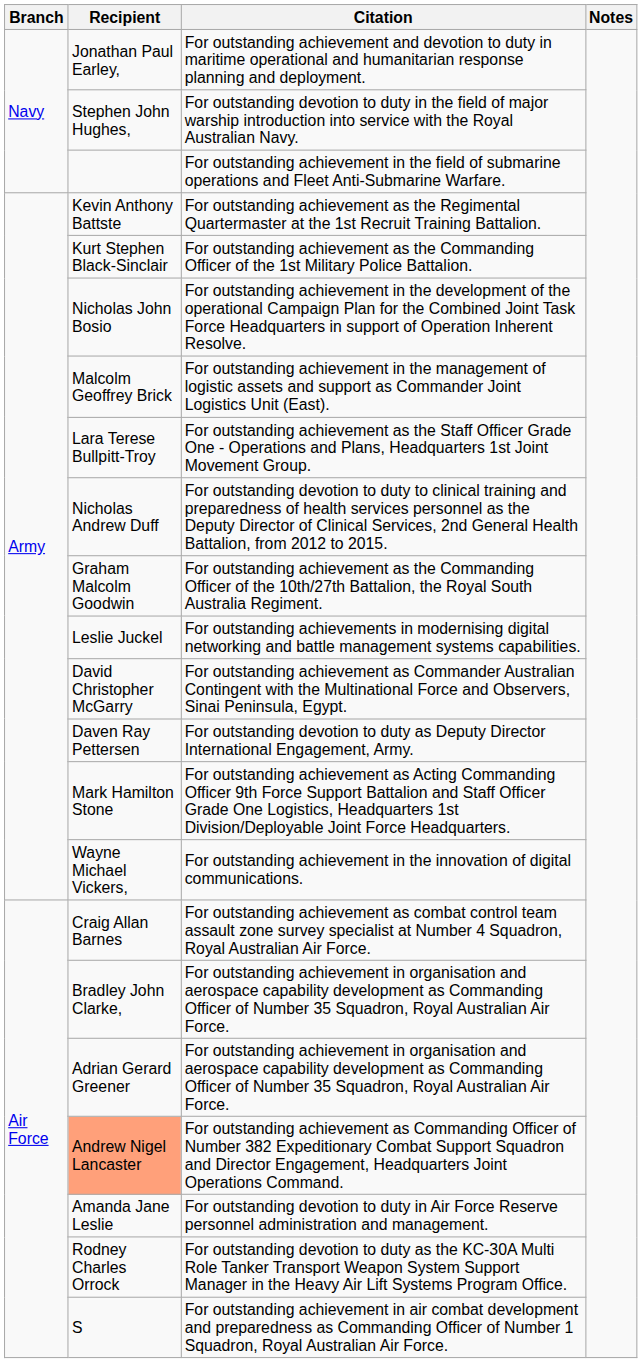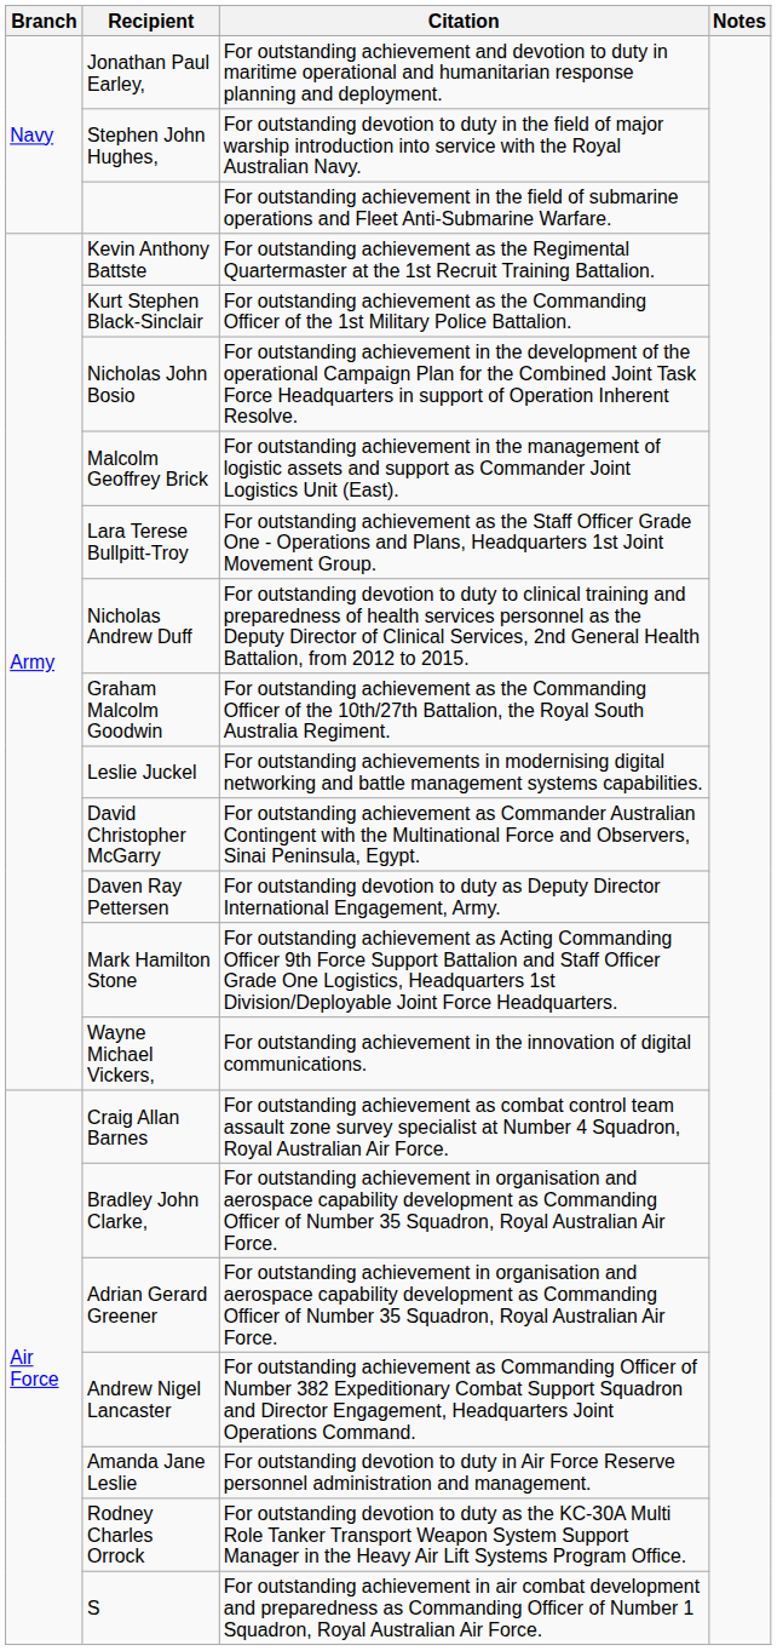 <table class="wikitable" style="font-size:95%;">
 <tr>
 <th>Branch</th>
 <th>Recipient</th>
 <th>Citation</th>
 <th>Notes</th>
 </tr>
 <tr>
 <td rowspan=3><a href='#'>Navy</a></td>
 <td> Jonathan Paul Earley, </td>
 <td>For outstanding achievement and devotion to duty in maritime operational and humanitarian response planning and deployment.</td>
 <td rowspan=22></td>
 </tr>
 <tr>
 <td> Stephen John Hughes, </td>
 <td>For outstanding devotion to duty in the field of major warship introduction into service with the Royal Australian Navy.</td>
 </tr>
 <tr>
 <td></td>
 <td>For outstanding achievement in the field of submarine operations and Fleet Anti-Submarine Warfare.</td>
 </tr>
 <tr>
 <td rowspan=12><a href='#'>Army</a></td>
 <td> Kevin Anthony Battste</td>
 <td>For outstanding achievement as the Regimental Quartermaster at the 1st Recruit Training Battalion.</td>
 </tr>
 <tr>
 <td> Kurt Stephen Black-Sinclair</td>
 <td>For outstanding achievement as the Commanding Officer of the 1st Military Police Battalion.</td>
 </tr>
 <tr>
 <td> Nicholas John Bosio</td>
 <td>For outstanding achievement in the development of the operational Campaign Plan for the Combined Joint Task Force Headquarters in support of Operation Inherent Resolve.</td>
 </tr>
 <tr>
 <td>  Malcolm Geoffrey Brick</td>
 <td>For outstanding achievement in the management of logistic assets and support as Commander Joint Logistics Unit (East).</td>
 </tr>
 <tr>
 <td> Lara Terese Bullpitt-Troy</td>
 <td>For outstanding achievement as the Staff Officer Grade One - Operations and Plans, Headquarters 1st Joint Movement Group.</td>
 </tr>
 <tr>
 <td> Nicholas Andrew Duff</td>
 <td>For outstanding devotion to duty to clinical training and preparedness of health services personnel as the Deputy Director of Clinical Services, 2nd General Health Battalion, from 2012 to 2015.</td>
 </tr>
 <tr>
 <td> Graham Malcolm Goodwin</td>
 <td>For outstanding achievement as the Commanding Officer of the 10th/27th Battalion, the Royal South Australia Regiment.</td>
 </tr>
 <tr>
 <td> Leslie Juckel</td>
 <td>For outstanding achievements in modernising digital networking and battle management systems capabilities.</td>
 </tr>
 <tr>
 <td> David Christopher McGarry</td>
 <td>For outstanding achievement as Commander Australian Contingent with the Multinational Force and Observers, Sinai Peninsula, Egypt.</td>
 </tr>
 <tr>
 <td> Daven Ray Pettersen</td>
 <td>For outstanding devotion to duty as Deputy Director International Engagement, Army.</td>
 </tr>
 <tr>
 <td> Mark Hamilton Stone</td>
 <td>For outstanding achievement as Acting Commanding Officer 9th Force Support Battalion and Staff Officer Grade One Logistics, Headquarters 1st Division/Deployable Joint Force Headquarters.</td>
 </tr>
 <tr>
 <td> Wayne Michael Vickers, </td>
 <td>For outstanding achievement in the innovation of digital communications.</td>
 </tr>
 <tr>
 <td rowspan=7><a href='#'>Air Force</a></td>
 <td> Craig Allan Barnes</td>
 <td>For outstanding achievement as combat control team assault zone survey specialist at Number 4 Squadron, Royal Australian Air Force.</td>
 </tr>
 <tr>
 <td> Bradley John Clarke, </td>
 <td>For outstanding achievement in organisation and aerospace capability development as Commanding Officer of Number 35 Squadron, Royal Australian Air Force.</td>
 </tr>
 <tr>
 <td> Adrian Gerard Greener</td>
 <td>For outstanding achievement in organisation and aerospace capability development as Commanding Officer of Number 35 Squadron, Royal Australian Air Force.</td>
 </tr>
 <tr>
-<td style="background: lightsalmon;"> Andrew Nigel Lancaster</td>
+<td> Andrew Nigel Lancaster</td>
 <td>For outstanding achievement as Commanding Officer of Number 382 Expeditionary Combat Support Squadron and Director Engagement, Headquarters Joint Operations Command.</td>
 </tr>
 <tr>
 <td> Amanda Jane Leslie</td>
 <td>For outstanding devotion to duty in Air Force Reserve personnel administration and management.</td>
 </tr>
 <tr>
 <td> Rodney Charles Orrock</td>
 <td>For outstanding devotion to duty as the KC-30A Multi Role Tanker Transport Weapon System Support Manager in the Heavy Air Lift Systems Program Office.</td>
 </tr>
 <tr>
 <td> S</td>
 <td>For outstanding achievement in air combat development and preparedness as Commanding Officer of Number 1 Squadron, Royal Australian Air Force.</td>
 </tr>
 </table>
